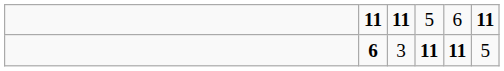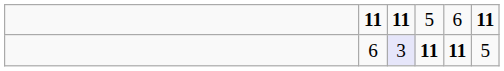 <table class="wikitable">
 <tr>
 <td style="width:18em"><strong></strong></td>
 <td align=center style="width:1em"><strong>11</strong></td>
 <td align=center style="width:1em"><strong>11</strong></td>
 <td align=center style="width:1em">5</td>
 <td align=center style="width:1em">6</td>
 <td align=center style="width:1em"><strong>11</strong></td>
 </tr>
 <tr>
 <td style="width:18em"></td>
-<td align=center style="width:1em"><strong>6</strong></td>
-<td align=center style="width:1em">3</td>
+<td align=center style="width:1em">6</td>
+<td align=center style="background: lavender; width:1em">3</td>
 <td align=center style="width:1em"><strong>11</strong></td>
 <td align=center style="width:1em"><strong>11</strong></td>
 <td align=center style="width:1em">5</td>
 </tr>
 </table>
